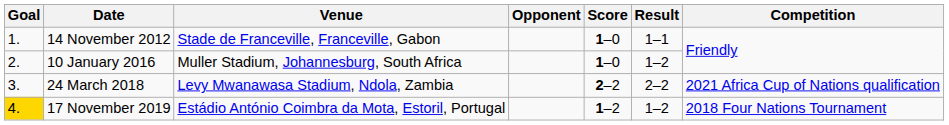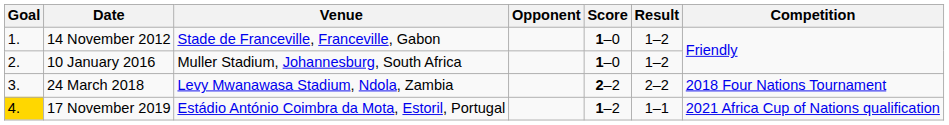 <table class="wikitable plainrowheaders sortable">
 <tr>
 <th>Goal</th>
 <th>Date</th>
 <th>Venue</th>
 <th>Opponent</th>
 <th>Score</th>
 <th>Result</th>
 <th>Competition</th>
 </tr>
 <tr>
 <td>1.</td>
 <td>14 November 2012</td>
 <td><a href='#'>Stade de Franceville</a>, <a href='#'>Franceville</a>, Gabon</td>
 <td></td>
 <td align=center><strong>1</strong>–0</td>
-<td align=center>1–1</td>
+<td align=center>1–2</td>
 <td rowspan=2><a href='#'>Friendly</a></td>
 </tr>
 <tr>
 <td>2.</td>
 <td>10 January 2016</td>
 <td>Muller Stadium, <a href='#'>Johannesburg</a>, South Africa</td>
 <td></td>
 <td align=center><strong>1</strong>–0</td>
 <td align=center>1–2</td>
 </tr>
 <tr>
 <td>3.</td>
 <td>24 March 2018</td>
 <td><a href='#'>Levy Mwanawasa Stadium</a>, <a href='#'>Ndola</a>, Zambia</td>
 <td></td>
 <td align=center><strong>2</strong>–2</td>
 <td align=center>2–2 </td>
-<td><a href='#'>2021 Africa Cup of Nations qualification</a></td>
+<td><a href='#'>2018 Four Nations Tournament</a></td>
 </tr>
 <tr>
 <td style="background: gold;">4.</td>
 <td>17 November 2019</td>
 <td><a href='#'>Estádio António Coimbra da Mota</a>, <a href='#'>Estoril</a>, Portugal</td>
 <td></td>
 <td align=center><strong>1</strong>–2</td>
-<td align=center>1–2</td>
-<td><a href='#'>2018 Four Nations Tournament</a></td>
+<td align=center>1–1</td>
+<td><a href='#'>2021 Africa Cup of Nations qualification</a></td>
 </tr>
 </table>
